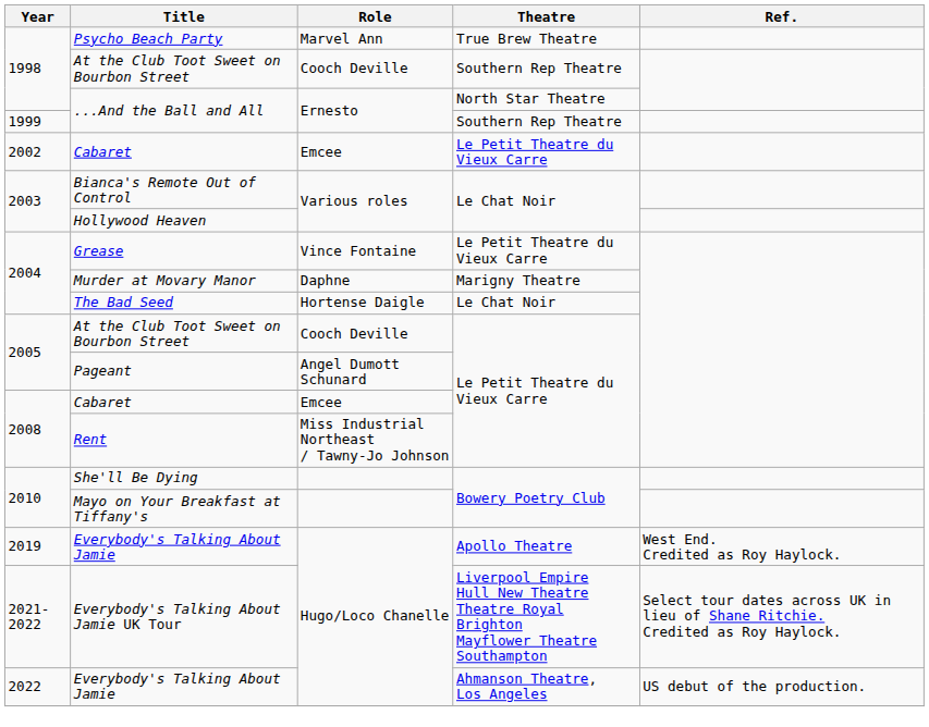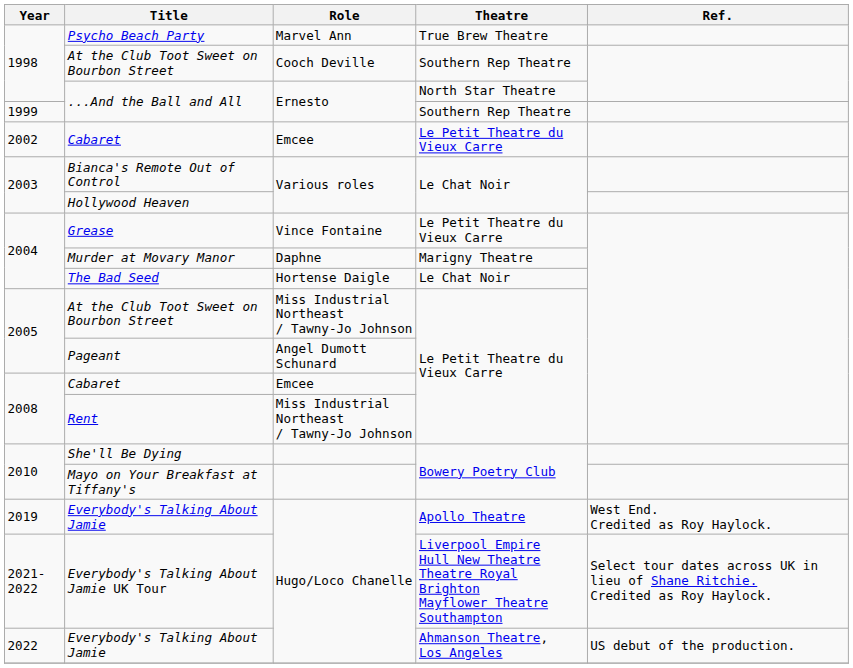 <table class="wikitable sortable">
 <tr>
 <th>Year</th>
 <th>Title</th>
 <th>Role</th>
 <th>Theatre</th>
 <th>Ref.</th>
 </tr>
 <tr>
 <td rowspan="3">1998</td>
 <td><em><a href='#'>Psycho Beach Party</a></em></td>
 <td>Marvel Ann</td>
 <td>True Brew Theatre</td>
 <td></td>
 </tr>
 <tr>
 <td><em>At the Club Toot Sweet on Bourbon Street</em></td>
 <td>Cooch Deville</td>
 <td>Southern Rep Theatre</td>
 <td rowspan="2"></td>
 </tr>
 <tr>
 <td rowspan="2"><em>...And the Ball and All</em></td>
 <td rowspan="2">Ernesto</td>
 <td>North Star Theatre</td>
 </tr>
 <tr>
 <td>1999</td>
 <td>Southern Rep Theatre</td>
 <td></td>
 </tr>
 <tr>
 <td>2002</td>
 <td><em><a href='#'>Cabaret</a></em></td>
 <td>Emcee</td>
 <td><a href='#'>Le Petit Theatre du Vieux Carre</a></td>
 <td></td>
 </tr>
 <tr>
 <td rowspan="2">2003</td>
 <td><em>Bianca's Remote Out of Control</em></td>
 <td rowspan="2">Various roles</td>
 <td rowspan="2">Le Chat Noir</td>
 <td></td>
 </tr>
 <tr>
 <td><em>Hollywood Heaven</em></td>
 <td></td>
 </tr>
 <tr>
 <td rowspan="3">2004</td>
 <td><em><a href='#'>Grease</a></em></td>
 <td>Vince Fontaine</td>
 <td>Le Petit Theatre du Vieux Carre</td>
 <td rowspan="7"></td>
 </tr>
 <tr>
 <td><em>Murder at Movary Manor</em></td>
 <td>Daphne</td>
 <td>Marigny Theatre</td>
 </tr>
 <tr>
 <td><em><a href='#'>The Bad Seed</a></em></td>
 <td>Hortense Daigle</td>
 <td>Le Chat Noir</td>
 </tr>
 <tr>
 <td rowspan="2">2005</td>
 <td><em>At the Club Toot Sweet on Bourbon Street</em></td>
-<td>Cooch Deville</td>
+<td>Miss Industrial Northeast<br>/ Tawny-Jo Johnson</td>
 <td rowspan="4">Le Petit Theatre du Vieux Carre</td>
 </tr>
 <tr>
 <td><em>Pageant</em></td>
 <td>Angel Dumott Schunard</td>
 </tr>
 <tr>
 <td rowspan="2">2008</td>
 <td><em>Cabaret</em></td>
 <td>Emcee</td>
 </tr>
 <tr>
 <td><em><a href='#'>Rent</a></em></td>
 <td>Miss Industrial Northeast<br>/ Tawny-Jo Johnson</td>
 </tr>
 <tr>
 <td rowspan="2">2010</td>
 <td><em>She'll Be Dying</em></td>
 <td></td>
 <td rowspan="2"><a href='#'>Bowery Poetry Club</a></td>
 <td></td>
 </tr>
 <tr>
 <td><em>Mayo on Your Breakfast at Tiffany's</em></td>
 <td></td>
 <td></td>
 </tr>
 <tr>
 <td>2019</td>
 <td><em><a href='#'>Everybody's Talking About Jamie</a></em></td>
 <td rowspan="3">Hugo/Loco Chanelle</td>
 <td><a href='#'>Apollo Theatre</a></td>
 <td>West End.<br>Credited as Roy Haylock. </td>
 </tr>
 <tr>
 <td>2021-2022</td>
 <td><em>Everybody's Talking About Jamie</em> UK Tour</td>
 <td><a href='#'>Liverpool Empire</a><br><a href='#'>Hull New Theatre</a><br><a href='#'>Theatre Royal Brighton</a><br><a href='#'>Mayflower Theatre Southampton</a></td>
 <td>Select tour dates across UK in lieu of <a href='#'>Shane Ritchie.</a><br>Credited as Roy Haylock.</td>
 </tr>
 <tr>
 <td>2022</td>
 <td><em>Everybody's Talking About Jamie</em></td>
 <td><a href='#'>Ahmanson Theatre</a>,<br><a href='#'>Los Angeles</a></td>
 <td>US debut of the production.</td>
 </tr>
 <tr>
 </tr>
 </table>
